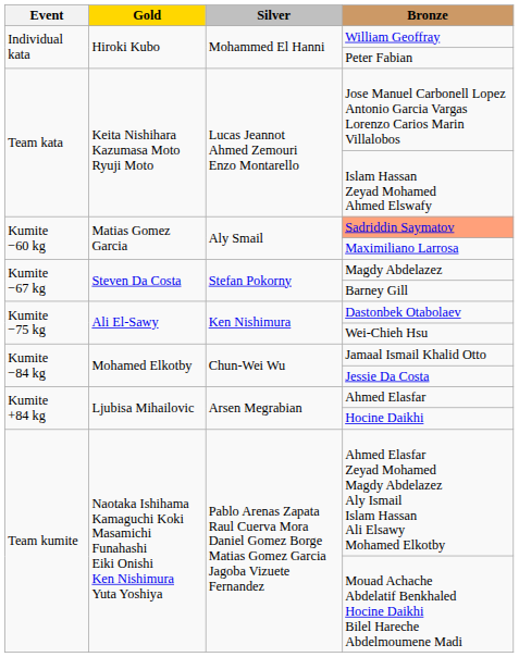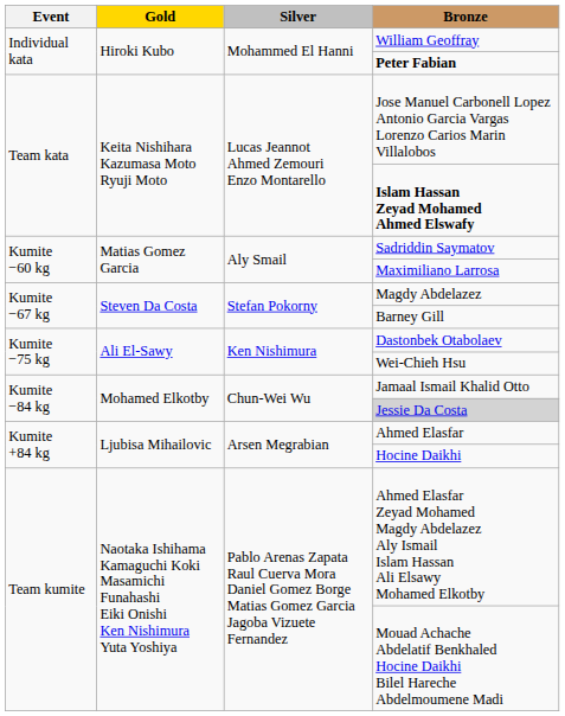 <table class="wikitable">
 <tr>
 <th>Event</th>
 <th style="background-color:gold">Gold</th>
 <th style="background-color:silver">Silver</th>
 <th style="background-color:#CC9966">Bronze</th>
 </tr>
 <tr>
 <td rowspan="2">Individual kata</td>
 <td rowspan="2">Hiroki Kubo<br></td>
 <td rowspan="2">Mohammed El Hanni<br></td>
 <td><a href='#'>William Geoffray</a><br></td>
 </tr>
 <tr>
-<td>Peter Fabian<br></td>
+<td><strong>Peter Fabian<br></strong></td>
 </tr>
 <tr>
 <td rowspan="2">Team kata</td>
 <td rowspan="2"><br>Keita Nishihara<br>Kazumasa Moto<br>Ryuji Moto</td>
 <td rowspan="2"><br>Lucas Jeannot<br>Ahmed Zemouri<br>Enzo Montarello</td>
 <td><br>Jose Manuel Carbonell Lopez<br>Antonio Garcia Vargas<br>Lorenzo Carios Marin Villalobos</td>
 </tr>
 <tr>
-<td><br>Islam Hassan<br>Zeyad Mohamed<br>Ahmed Elswafy</td>
+<td><strong><br>Islam Hassan<br>Zeyad Mohamed<br>Ahmed Elswafy</strong></td>
 </tr>
 <tr>
 <td rowspan="2">Kumite −60 kg</td>
 <td rowspan="2">Matias Gomez Garcia<br></td>
 <td rowspan="2">Aly Smail<br></td>
-<td style="background: lightsalmon;"><a href='#'>Sadriddin Saymatov</a><br></td>
+<td><a href='#'>Sadriddin Saymatov</a><br></td>
 </tr>
 <tr>
 <td><a href='#'>Maximiliano Larrosa</a><br></td>
 </tr>
 <tr>
 <td rowspan="2">Kumite −67 kg</td>
 <td rowspan="2"><a href='#'>Steven Da Costa</a><br></td>
 <td rowspan="2"><a href='#'>Stefan Pokorny</a><br></td>
 <td>Magdy Abdelazez<br></td>
 </tr>
 <tr>
 <td>Barney Gill<br></td>
 </tr>
 <tr>
 <td rowspan="2">Kumite −75 kg</td>
 <td rowspan="2"><a href='#'>Ali El-Sawy</a><br></td>
 <td rowspan="2"><a href='#'>Ken Nishimura</a><br></td>
 <td><a href='#'>Dastonbek Otabolaev</a><br></td>
 </tr>
 <tr>
 <td>Wei-Chieh Hsu<br></td>
 </tr>
 <tr>
 <td rowspan="2">Kumite −84 kg</td>
 <td rowspan="2">Mohamed Elkotby<br></td>
 <td rowspan="2">Chun-Wei Wu<br></td>
 <td>Jamaal Ismail Khalid Otto<br></td>
 </tr>
 <tr>
-<td><a href='#'>Jessie Da Costa</a><br></td>
+<td style="background: lightgrey;"><a href='#'>Jessie Da Costa</a><br></td>
 </tr>
 <tr>
 <td rowspan="2">Kumite +84 kg</td>
 <td rowspan="2">Ljubisa Mihailovic<br></td>
 <td rowspan="2">Arsen Megrabian<br></td>
 <td>Ahmed Elasfar<br></td>
 </tr>
 <tr>
 <td><a href='#'>Hocine Daikhi</a><br></td>
 </tr>
 <tr>
 <td rowspan="2">Team kumite</td>
 <td rowspan="2"><br>Naotaka Ishihama<br>Kamaguchi Koki<br>Masamichi Funahashi<br>Eiki Onishi<br><a href='#'>Ken Nishimura</a><br>Yuta Yoshiya</td>
 <td rowspan="2"><br>Pablo Arenas Zapata<br>Raul Cuerva Mora<br>Daniel Gomez Borge<br>Matias Gomez Garcia<br>Jagoba Vizuete Fernandez</td>
 <td><br>Ahmed Elasfar<br>Zeyad Mohamed<br>Magdy Abdelazez<br>Aly Ismail<br>Islam Hassan<br>Ali Elsawy<br>Mohamed Elkotby</td>
 </tr>
 <tr>
 <td><br>Mouad Achache<br>Abdelatif Benkhaled<br><a href='#'>Hocine Daikhi</a><br>Bilel Hareche<br>Abdelmoumene Madi</td>
 </tr>
 </table>
